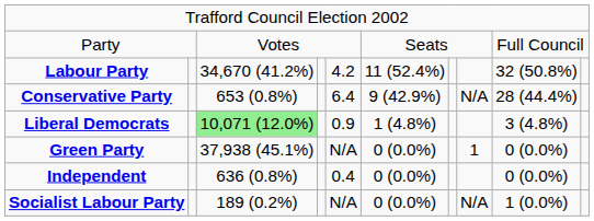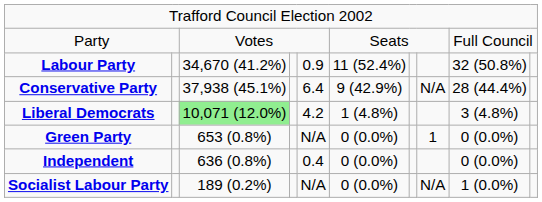 <table class=wikitable style="text-align:center;">
 <tr>
 <td colspan=11>Trafford Council Election 2002</td>
 </tr>
 <tr>
 <td colspan=2>Party</td>
 <td colspan=3>Votes</td>
 <td colspan=3>Seats</td>
 <td colspan=3>Full Council</td>
 </tr>
 <tr>
 <td><strong><a href='#'>Labour Party</a></strong></td>
 <td style="background:"></td>
 <td>34,670 (41.2%)</td>
 <td></td>
-<td> 4.2</td>
+<td> 0.9</td>
 <td>11 (52.4%)</td>
 <td></td>
 <td></td>
 <td>32 (50.8%)</td>
 <td></td>
 </tr>
 <tr>
 <td><strong><a href='#'>Conservative Party</a></strong></td>
 <td style="background:"></td>
-<td>653 (0.8%)</td>
+<td>37,938 (45.1%)</td>
 <td></td>
 <td> 6.4</td>
 <td>9 (42.9%)</td>
 <td></td>
 <td>N/A</td>
 <td>28 (44.4%)</td>
 <td></td>
 </tr>
 <tr>
 <td><strong><a href='#'>Liberal Democrats</a></strong></td>
 <td style="background:"></td>
 <td style="background: lightgreen;">10,071 (12.0%)</td>
 <td></td>
-<td> 0.9</td>
+<td> 4.2</td>
 <td>1 (4.8%)</td>
 <td></td>
 <td></td>
 <td>3 (4.8%)</td>
 <td></td>
 </tr>
 <tr>
 <td><strong><a href='#'>Green Party</a></strong></td>
 <td style="background:"></td>
-<td>37,938 (45.1%)</td>
+<td>653 (0.8%)</td>
 <td></td>
 <td>N/A</td>
 <td>0 (0.0%)</td>
 <td></td>
 <td> 1</td>
 <td>0 (0.0%)</td>
 <td></td>
 </tr>
 <tr>
 <td><strong><a href='#'>Independent</a></strong></td>
 <td style="background:"></td>
 <td>636 (0.8%)</td>
 <td></td>
 <td> 0.4</td>
 <td>0 (0.0%)</td>
 <td></td>
 <td></td>
 <td>0 (0.0%)</td>
 <td></td>
 </tr>
 <tr>
 <td><strong><a href='#'>Socialist Labour Party</a></strong></td>
 <td style="background:"></td>
 <td>189 (0.2%)</td>
 <td></td>
 <td>N/A</td>
 <td>0 (0.0%)</td>
 <td></td>
 <td>N/A</td>
 <td>1 (0.0%)</td>
 <td></td>
 </tr>
 </table>
